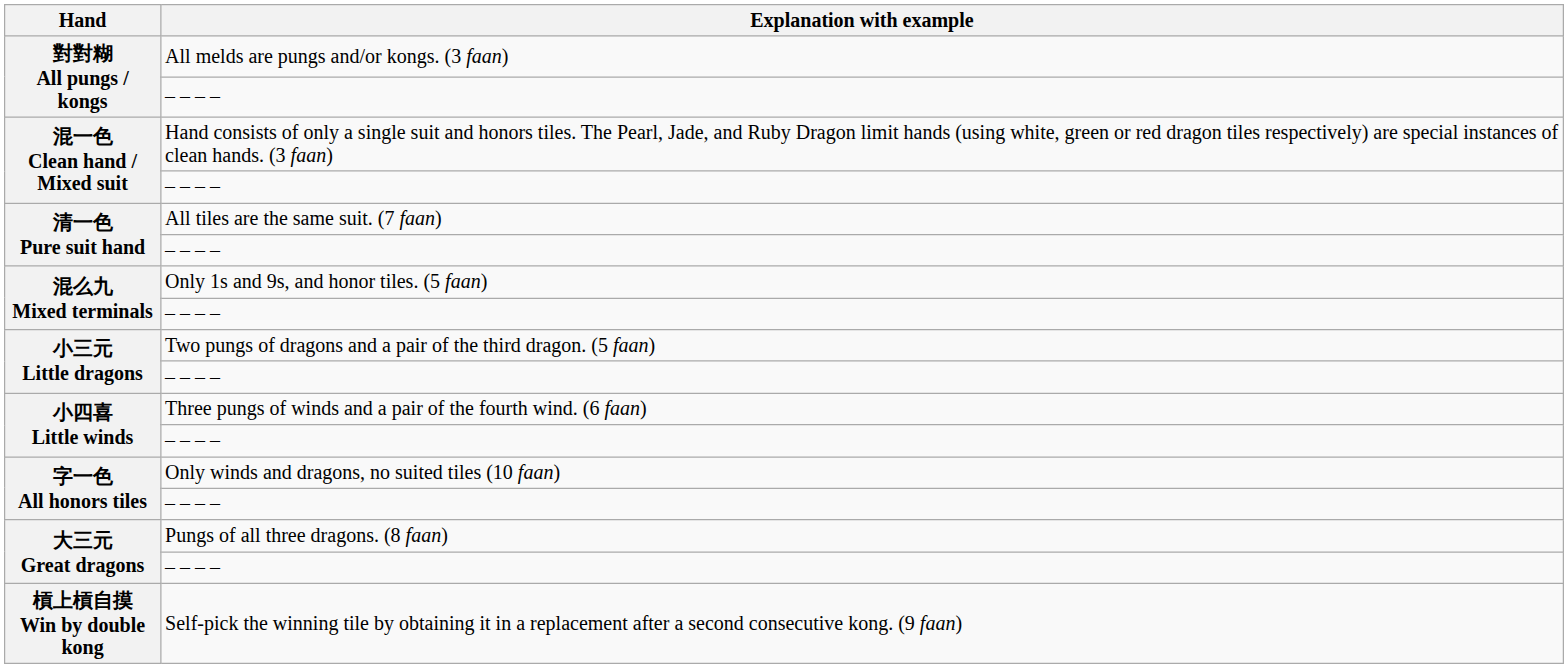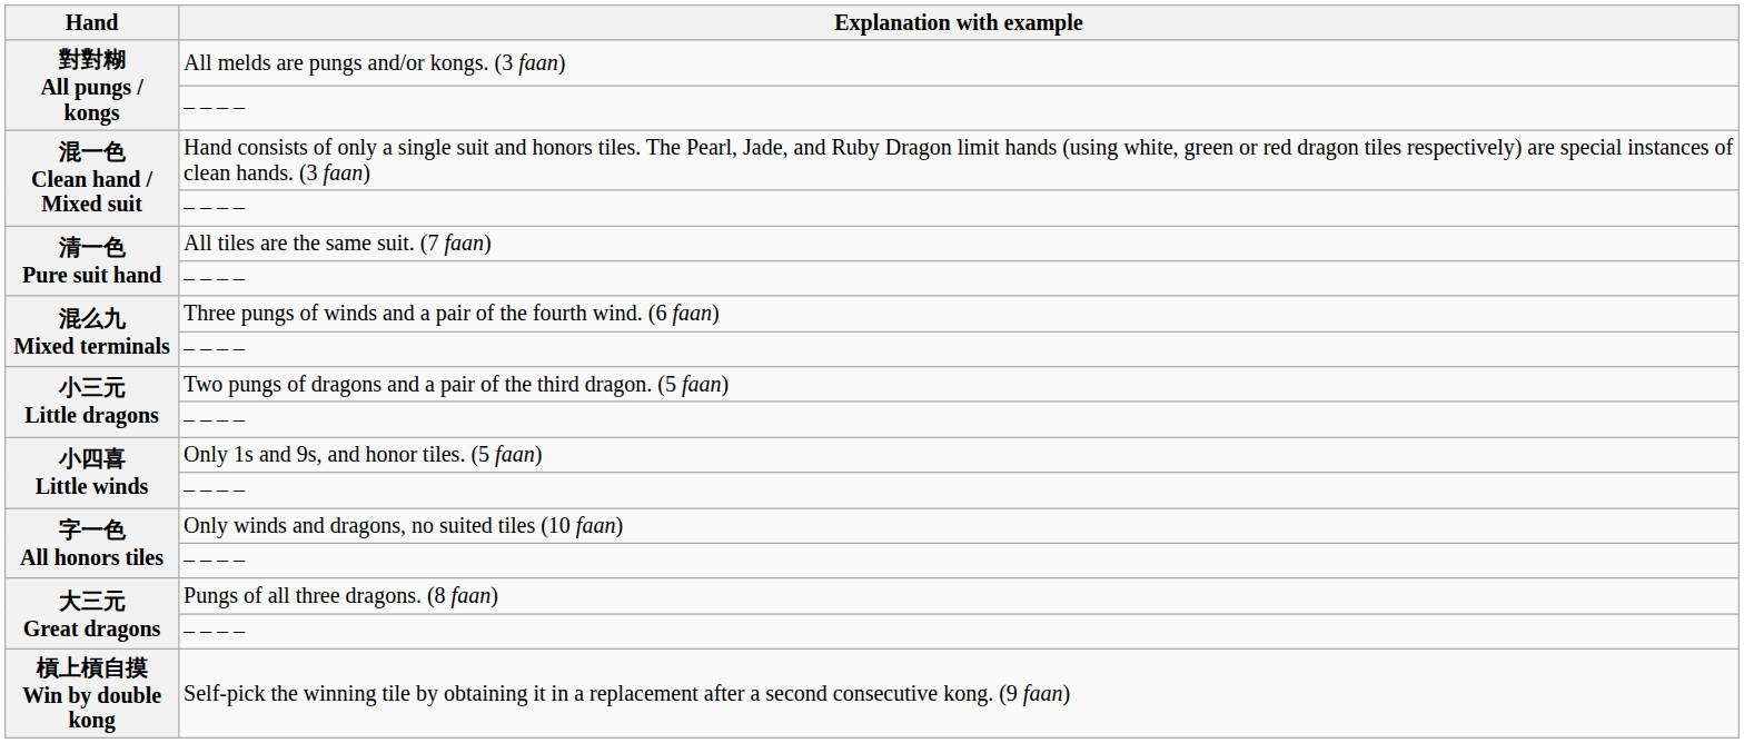 <table class="wikitable">
 <tr>
 <th width=10%>Hand</th>
 <th width=90%>Explanation with example</th>
 </tr>
 <tr>
 <th rowspan=2>對對糊 <br>All pungs / kongs</th>
 <td>All melds are pungs and/or kongs. (3 <em>faan</em>)</td>
 </tr>
 <tr>
 <td>   –    –    –    –  </td>
 </tr>
 <tr>
 <th rowspan=2>混一色 <br>Clean hand / Mixed suit</th>
 <td>Hand consists of only a single suit and honors tiles. The Pearl, Jade, and Ruby Dragon limit hands (using white, green or red dragon tiles respectively) are special instances of clean hands. (3 <em>faan</em>)</td>
 </tr>
 <tr>
 <td>   –    –    –    –  </td>
 </tr>
 <tr>
 <th rowspan=2>清一色 <br>Pure suit hand</th>
 <td>All tiles are the same suit. (7 <em>faan</em>)</td>
 </tr>
 <tr>
 <td>   –    –    –    –  </td>
 </tr>
 <tr>
 <th rowspan=2>混么九 <br>Mixed terminals</th>
-<td>Only 1s and 9s, and honor tiles. (5 <em>faan</em>)</td>
+<td>Three pungs of winds and a pair of the fourth wind. (6 <em>faan</em>)</td>
 </tr>
 <tr>
 <td>   –    –    –    –  </td>
 </tr>
 <tr>
 <th rowspan=2>小三元 <br>Little dragons</th>
 <td>Two pungs of dragons and a pair of the third dragon. (5 <em>faan</em>)</td>
 </tr>
 <tr>
 <td>   –    –    –    –  </td>
 </tr>
 <tr>
 <th rowspan=2>小四喜 <br>Little winds</th>
-<td>Three pungs of winds and a pair of the fourth wind. (6 <em>faan</em>)</td>
+<td>Only 1s and 9s, and honor tiles. (5 <em>faan</em>)</td>
 </tr>
 <tr>
 <td>   –    –    –    –  </td>
 </tr>
 <tr>
 <th rowspan=2>字一色 <br>All honors tiles</th>
 <td>Only winds and dragons, no suited tiles (10 <em>faan</em>)</td>
 </tr>
 <tr>
 <td>   –    –    –    –  </td>
 </tr>
 <tr>
 <th rowspan=2>大三元 <br>Great dragons</th>
 <td>Pungs of all three dragons. (8 <em>faan</em>)</td>
 </tr>
 <tr>
 <td>   –    –    –    –  </td>
 </tr>
 <tr>
 <th>槓上槓自摸 <br>Win by double kong</th>
 <td>Self-pick the winning tile by obtaining it in a replacement after a second consecutive kong. (9 <em>faan</em>)</td>
 </tr>
 </table>
